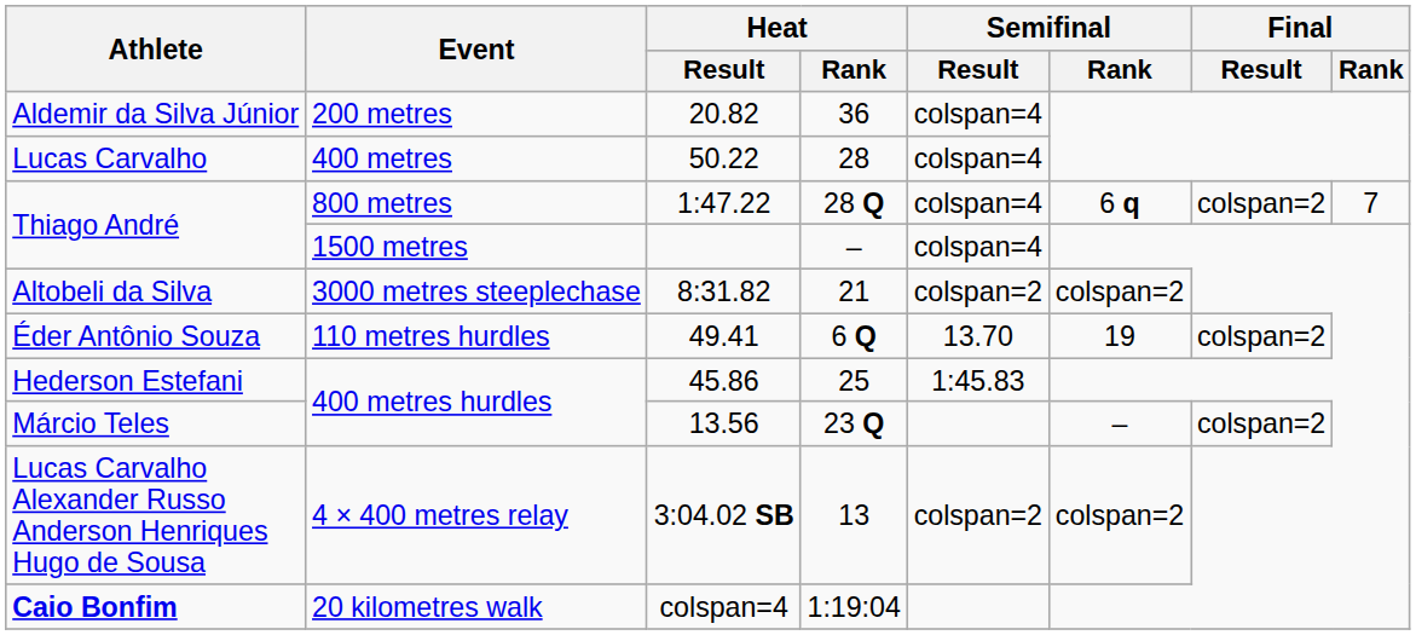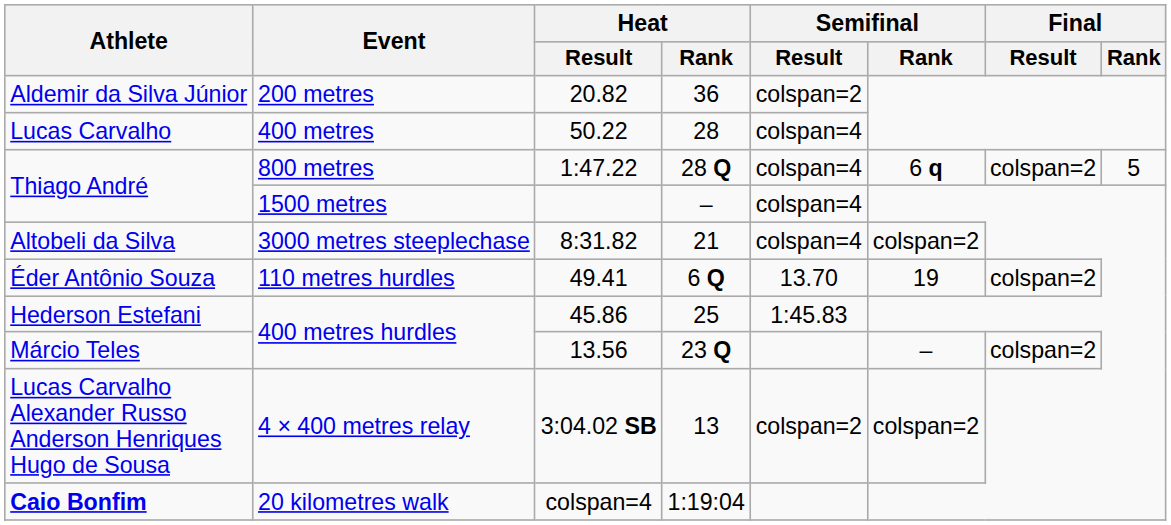 <table class=wikitable style=font-size:90%>
 <tr>
 <th rowspan=2>Athlete</th>
 <th rowspan=2>Event</th>
 <th colspan=2>Heat</th>
 <th colspan=2>Semifinal</th>
 <th colspan=2>Final</th>
 </tr>
 <tr style=font-size:95%>
 <th>Result</th>
 <th>Rank</th>
 <th>Result</th>
 <th>Rank</th>
 <th>Result</th>
 <th>Rank</th>
 </tr>
 <tr align=center>
 <td align=left><a href='#'>Aldemir da Silva Júnior</a></td>
 <td align=left><a href='#'>200 metres</a></td>
 <td>20.82</td>
 <td>36</td>
-<td>colspan=4 </td>
+<td>colspan=2 </td>
 </tr>
 <tr align=center>
 <td align=left><a href='#'>Lucas Carvalho</a></td>
 <td align=left><a href='#'>400 metres</a></td>
 <td>50.22</td>
 <td>28</td>
 <td>colspan=4 </td>
 </tr>
 <tr align=center>
 <td align=left rowspan=2><a href='#'>Thiago André</a></td>
 <td align=left><a href='#'>800 metres</a></td>
 <td>1:47.22</td>
 <td>28 <strong>Q</strong></td>
 <td>colspan=4 </td>
 <td>6 <strong>q</strong></td>
 <td>colspan=2 </td>
-<td>7</td>
+<td>5</td>
 </tr>
 <tr align=center>
 <td align=left><a href='#'>1500 metres</a></td>
 <td></td>
 <td>–</td>
 <td>colspan=4 </td>
 </tr>
 <tr align=center>
 <td align=left><a href='#'>Altobeli da Silva</a></td>
 <td align=left><a href='#'>3000 metres steeplechase</a></td>
 <td>8:31.82</td>
 <td>21</td>
-<td>colspan=2 </td>
+<td>colspan=4 </td>
 <td>colspan=2 </td>
 </tr>
 <tr align=center>
 <td align=left><a href='#'>Éder Antônio Souza</a></td>
 <td align=left><a href='#'>110 metres hurdles</a></td>
 <td>49.41</td>
 <td>6 <strong>Q</strong></td>
 <td>13.70</td>
 <td>19</td>
 <td>colspan=2 </td>
 </tr>
 <tr align=center>
 <td align=left><a href='#'>Hederson Estefani</a></td>
 <td align=left rowspan=2><a href='#'>400 metres hurdles</a></td>
 <td>45.86</td>
 <td>25</td>
 <td>1:45.83</td>
 </tr>
 <tr align=center>
 <td align=left><a href='#'>Márcio Teles</a></td>
 <td>13.56</td>
 <td>23 <strong>Q</strong></td>
 <td></td>
 <td>–</td>
 <td>colspan=2 </td>
 </tr>
 <tr align=center>
 <td align=left><a href='#'>Lucas Carvalho</a><br><a href='#'>Alexander Russo</a><br><a href='#'>Anderson Henriques</a><br><a href='#'>Hugo de Sousa</a></td>
 <td align=left><a href='#'>4 × 400 metres relay</a></td>
 <td>3:04.02 <strong>SB</strong></td>
 <td>13</td>
 <td>colspan=2 </td>
 <td>colspan=2 </td>
 </tr>
 <tr align=center>
 <td align=left><strong><a href='#'>Caio Bonfim</a></strong></td>
 <td align=left><a href='#'>20 kilometres walk</a></td>
 <td>colspan=4 </td>
 <td>1:19:04 </td>
 <td></td>
 </tr>
 </table>
